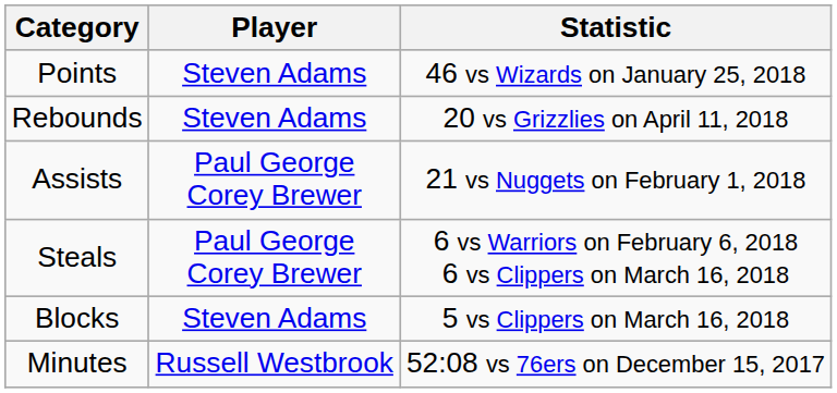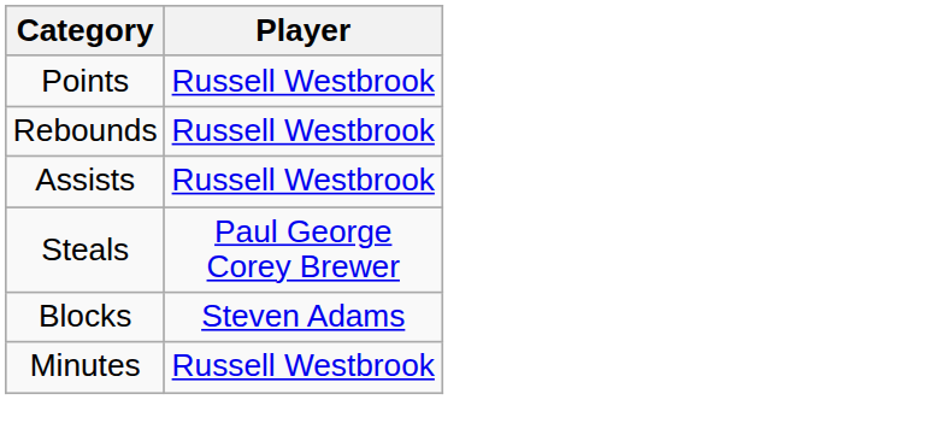 <table class="wikitable sortable sortable" style="text-align: center">
 <tr>
 <th>Category</th>
 <th>Player</th>
-<th>Statistic</th>
 </tr>
 <tr style="text-align: center">
 <td>Points</td>
-<td><a href='#'>Steven Adams</a></td>
-<td>46 <small>vs <a href='#'>Wizards</a> on January 25, 2018</small></td>
+<td><a href='#'>Russell Westbrook</a></td>
 </tr>
 <tr style="text-align: center">
 <td>Rebounds</td>
-<td><a href='#'>Steven Adams</a></td>
-<td>20 <small>vs <a href='#'>Grizzlies</a> on April 11, 2018</small></td>
+<td><a href='#'>Russell Westbrook</a></td>
 </tr>
 <tr style="text-align: center">
 <td>Assists</td>
-<td><a href='#'>Paul George</a><br><a href='#'>Corey Brewer</a></td>
-<td>21 <small>vs <a href='#'>Nuggets</a> on February 1, 2018</small></td>
+<td><a href='#'>Russell Westbrook</a></td>
 </tr>
 <tr style="text-align: center">
 <td>Steals</td>
 <td><a href='#'>Paul George</a><br><a href='#'>Corey Brewer</a></td>
-<td>6 <small>vs <a href='#'>Warriors</a> on February 6, 2018</small><br>6 <small>vs <a href='#'>Clippers</a> on March 16, 2018</small></td>
 </tr>
 <tr style="text-align: center">
 <td>Blocks</td>
 <td><a href='#'>Steven Adams</a></td>
-<td>5 <small>vs <a href='#'>Clippers</a> on March 16, 2018</small></td>
 </tr>
 <tr style="text-align: center">
 <td>Minutes</td>
 <td><a href='#'>Russell Westbrook</a></td>
-<td>52:08 <small>vs <a href='#'>76ers</a> on December 15, 2017</small></td>
 </tr>
 </table>
